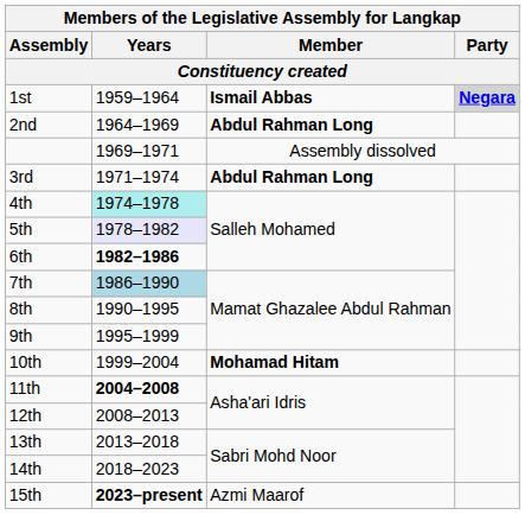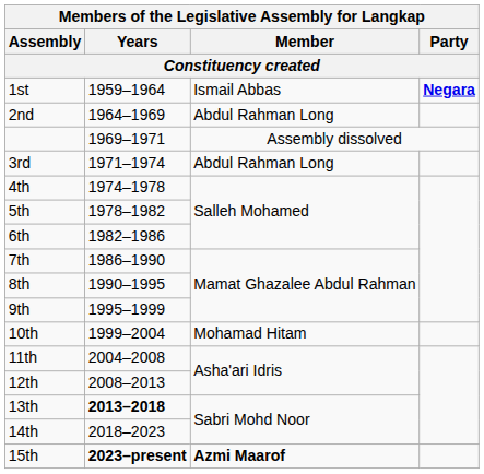 <table class="wikitable">
 <tr>
 <th colspan="4">Members of the Legislative Assembly for Langkap</th>
 </tr>
 <tr>
 <th>Assembly</th>
 <th>Years</th>
 <th>Member</th>
 <th>Party</th>
 </tr>
 <tr>
 <th colspan="4" align="center"><em>Constituency created</em></th>
 </tr>
 <tr>
 <td>1st</td>
 <td>1959–1964</td>
-<td><strong>Ismail Abbas</strong></td>
-<td style="background: lightgrey;"><strong><a href='#'>Negara</a></strong></td>
+<td>Ismail Abbas</td>
+<td><strong><a href='#'>Negara</a></strong></td>
 </tr>
 <tr>
 <td>2nd</td>
 <td>1964–1969</td>
-<td><strong>Abdul Rahman Long</strong></td>
+<td>Abdul Rahman Long</td>
 <td></td>
 </tr>
 <tr>
 <td></td>
 <td>1969–1971</td>
 <td colspan="2" align="center">Assembly dissolved</td>
 </tr>
 <tr>
 <td>3rd</td>
 <td>1971–1974</td>
-<td><strong>Abdul Rahman Long</strong></td>
+<td>Abdul Rahman Long</td>
 <td></td>
 </tr>
 <tr>
 <td>4th</td>
-<td style="background: paleturquoise;">1974–1978</td>
+<td>1974–1978</td>
 <td rowspan="3">Salleh Mohamed</td>
 <td rowspan="6"></td>
 </tr>
 <tr>
 <td>5th</td>
-<td style="background: lavender;">1978–1982</td>
+<td>1978–1982</td>
 </tr>
 <tr>
 <td>6th</td>
-<td><strong>1982–1986</strong></td>
+<td>1982–1986</td>
 </tr>
 <tr>
 <td>7th</td>
-<td style="background: lightblue;">1986–1990</td>
+<td>1986–1990</td>
 <td rowspan="3">Mamat Ghazalee Abdul Rahman</td>
 </tr>
 <tr>
 <td>8th</td>
 <td>1990–1995</td>
 </tr>
 <tr>
 <td>9th</td>
 <td>1995–1999</td>
 </tr>
 <tr>
 <td>10th</td>
 <td>1999–2004</td>
-<td><strong>Mohamad Hitam</strong></td>
+<td>Mohamad Hitam</td>
 <td></td>
 </tr>
 <tr>
 <td>11th</td>
-<td><strong>2004–2008</strong></td>
+<td>2004–2008</td>
 <td rowspan="2">Asha'ari Idris</td>
 <td rowspan="4"></td>
 </tr>
 <tr>
 <td>12th</td>
 <td>2008–2013</td>
 </tr>
 <tr>
 <td>13th</td>
-<td>2013–2018</td>
+<td><strong>2013–2018</strong></td>
 <td rowspan="2">Sabri Mohd Noor</td>
 </tr>
 <tr>
 <td>14th</td>
 <td>2018–2023</td>
 </tr>
 <tr>
 <td>15th</td>
 <td><strong>2023–present</strong></td>
-<td>Azmi Maarof</td>
+<td><strong>Azmi Maarof</strong></td>
 <td></td>
 </tr>
 </table>
